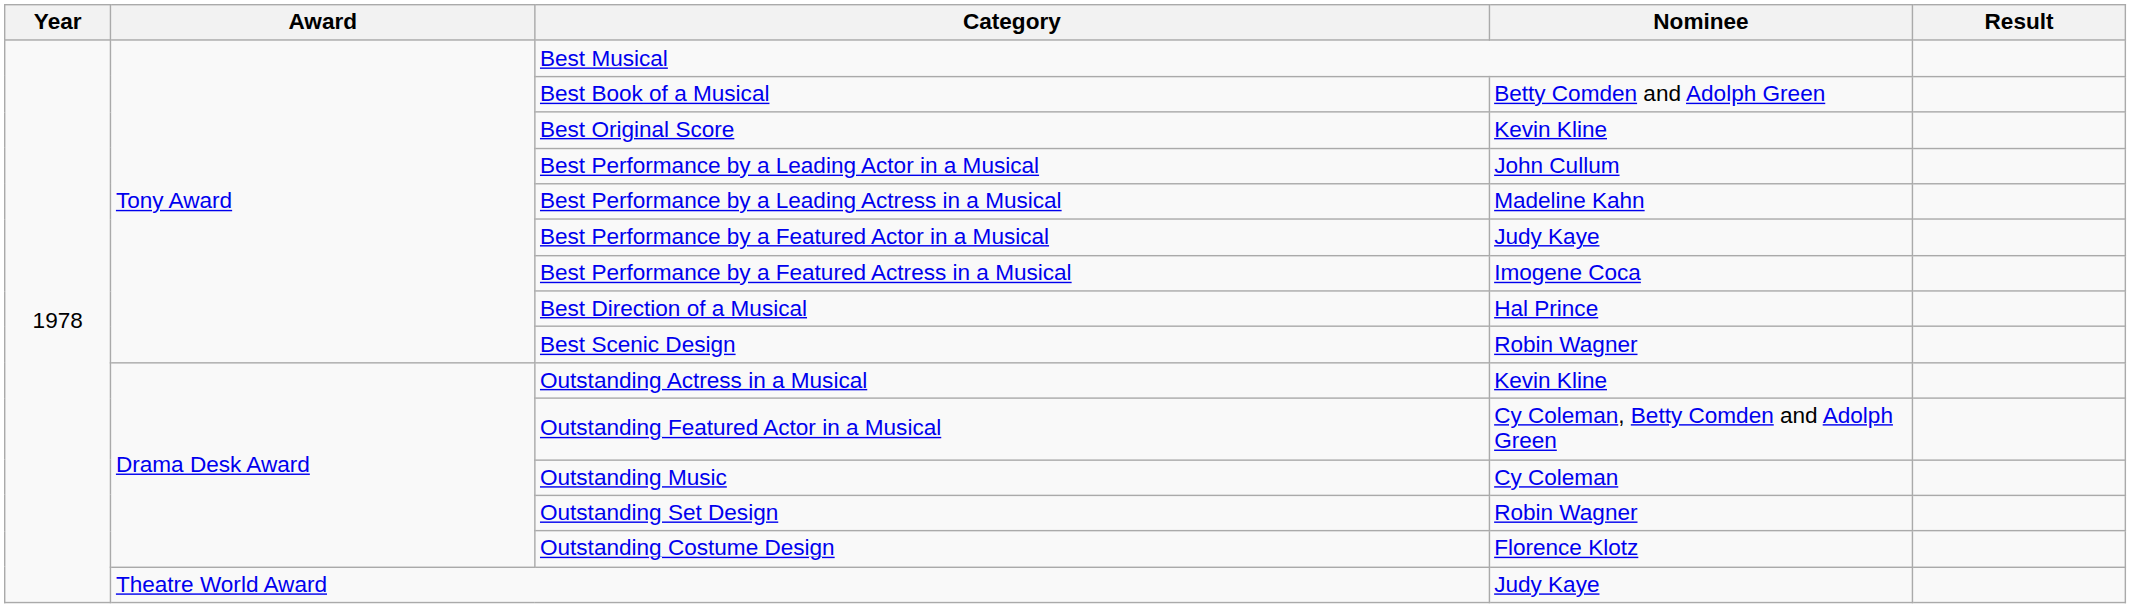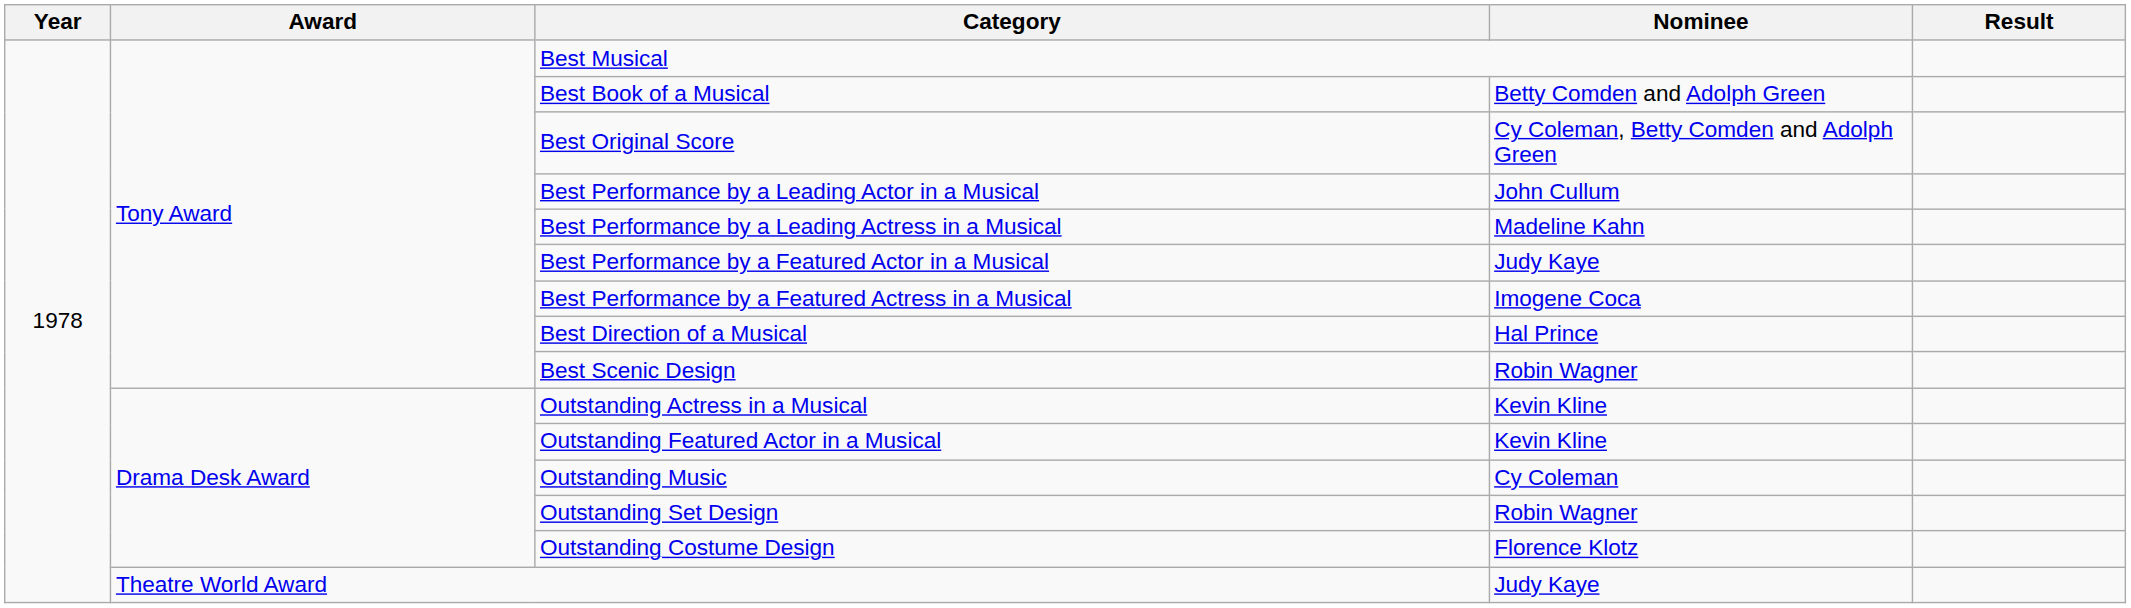 <table class="wikitable" width="95%">
 <tr>
 <th width="5%">Year</th>
 <th width="20%">Award</th>
 <th width="45%">Category</th>
 <th width="20%">Nominee</th>
 <th width="10%">Result</th>
 </tr>
 <tr>
 <td rowspan="15" align="center">1978</td>
 <td rowspan="9"><a href='#'>Tony Award</a></td>
 <td colspan="2"><a href='#'>Best Musical</a></td>
 <td></td>
 </tr>
 <tr>
 <td><a href='#'>Best Book of a Musical</a></td>
 <td><a href='#'>Betty Comden</a> and <a href='#'>Adolph Green</a></td>
 <td></td>
 </tr>
 <tr>
 <td><a href='#'>Best Original Score</a></td>
-<td><a href='#'>Kevin Kline</a></td>
+<td><a href='#'>Cy Coleman</a>, <a href='#'>Betty Comden</a> and <a href='#'>Adolph Green</a></td>
 <td></td>
 </tr>
 <tr>
 <td><a href='#'>Best Performance by a Leading Actor in a Musical</a></td>
 <td><a href='#'>John Cullum</a></td>
 <td></td>
 </tr>
 <tr>
 <td><a href='#'>Best Performance by a Leading Actress in a Musical</a></td>
 <td><a href='#'>Madeline Kahn</a></td>
 <td></td>
 </tr>
 <tr>
 <td><a href='#'>Best Performance by a Featured Actor in a Musical</a></td>
 <td><a href='#'>Judy Kaye</a></td>
 <td></td>
 </tr>
 <tr>
 <td><a href='#'>Best Performance by a Featured Actress in a Musical</a></td>
 <td><a href='#'>Imogene Coca</a></td>
 <td></td>
 </tr>
 <tr>
 <td><a href='#'>Best Direction of a Musical</a></td>
 <td><a href='#'>Hal Prince</a></td>
 <td></td>
 </tr>
 <tr>
 <td><a href='#'>Best Scenic Design</a></td>
 <td><a href='#'>Robin Wagner</a></td>
 <td></td>
 </tr>
 <tr>
 <td rowspan="5"><a href='#'>Drama Desk Award</a></td>
 <td><a href='#'>Outstanding Actress in a Musical</a></td>
 <td><a href='#'>Kevin Kline</a></td>
 <td></td>
 </tr>
 <tr>
 <td><a href='#'>Outstanding Featured Actor in a Musical</a></td>
-<td><a href='#'>Cy Coleman</a>, <a href='#'>Betty Comden</a> and <a href='#'>Adolph Green</a></td>
+<td><a href='#'>Kevin Kline</a></td>
 <td></td>
 </tr>
 <tr>
 <td><a href='#'>Outstanding Music</a></td>
 <td><a href='#'>Cy Coleman</a></td>
 <td></td>
 </tr>
 <tr>
 <td><a href='#'>Outstanding Set Design</a></td>
 <td><a href='#'>Robin Wagner</a></td>
 <td></td>
 </tr>
 <tr>
 <td><a href='#'>Outstanding Costume Design</a></td>
 <td><a href='#'>Florence Klotz</a></td>
 <td></td>
 </tr>
 <tr>
 <td colspan="2"><a href='#'>Theatre World Award</a></td>
 <td><a href='#'>Judy Kaye</a></td>
 <td></td>
 </tr>
 </table>
